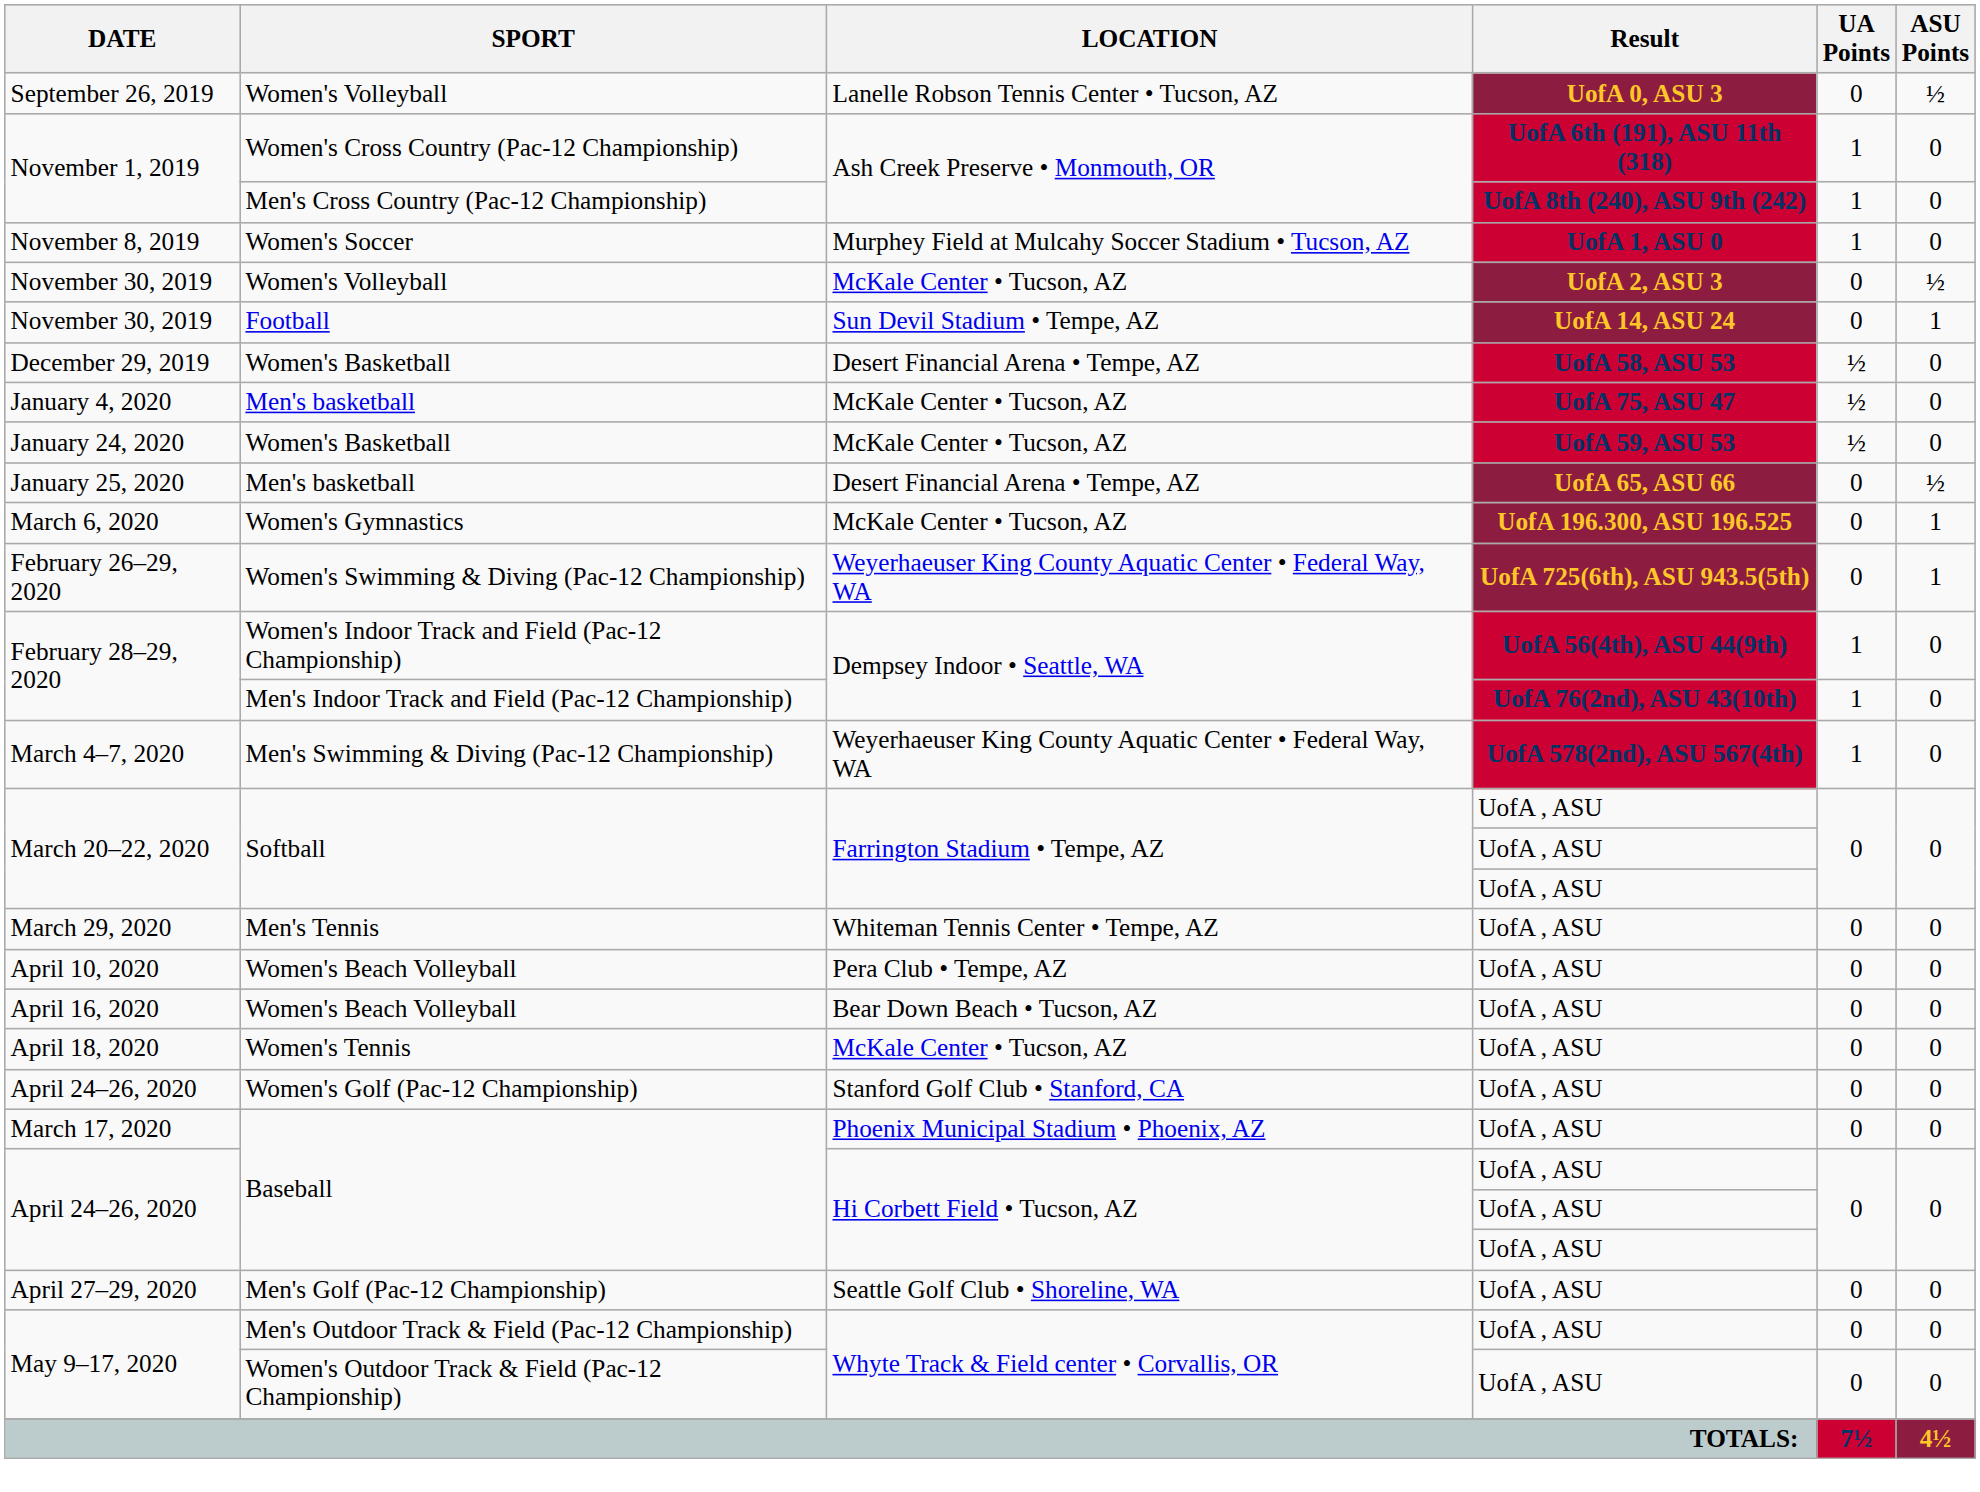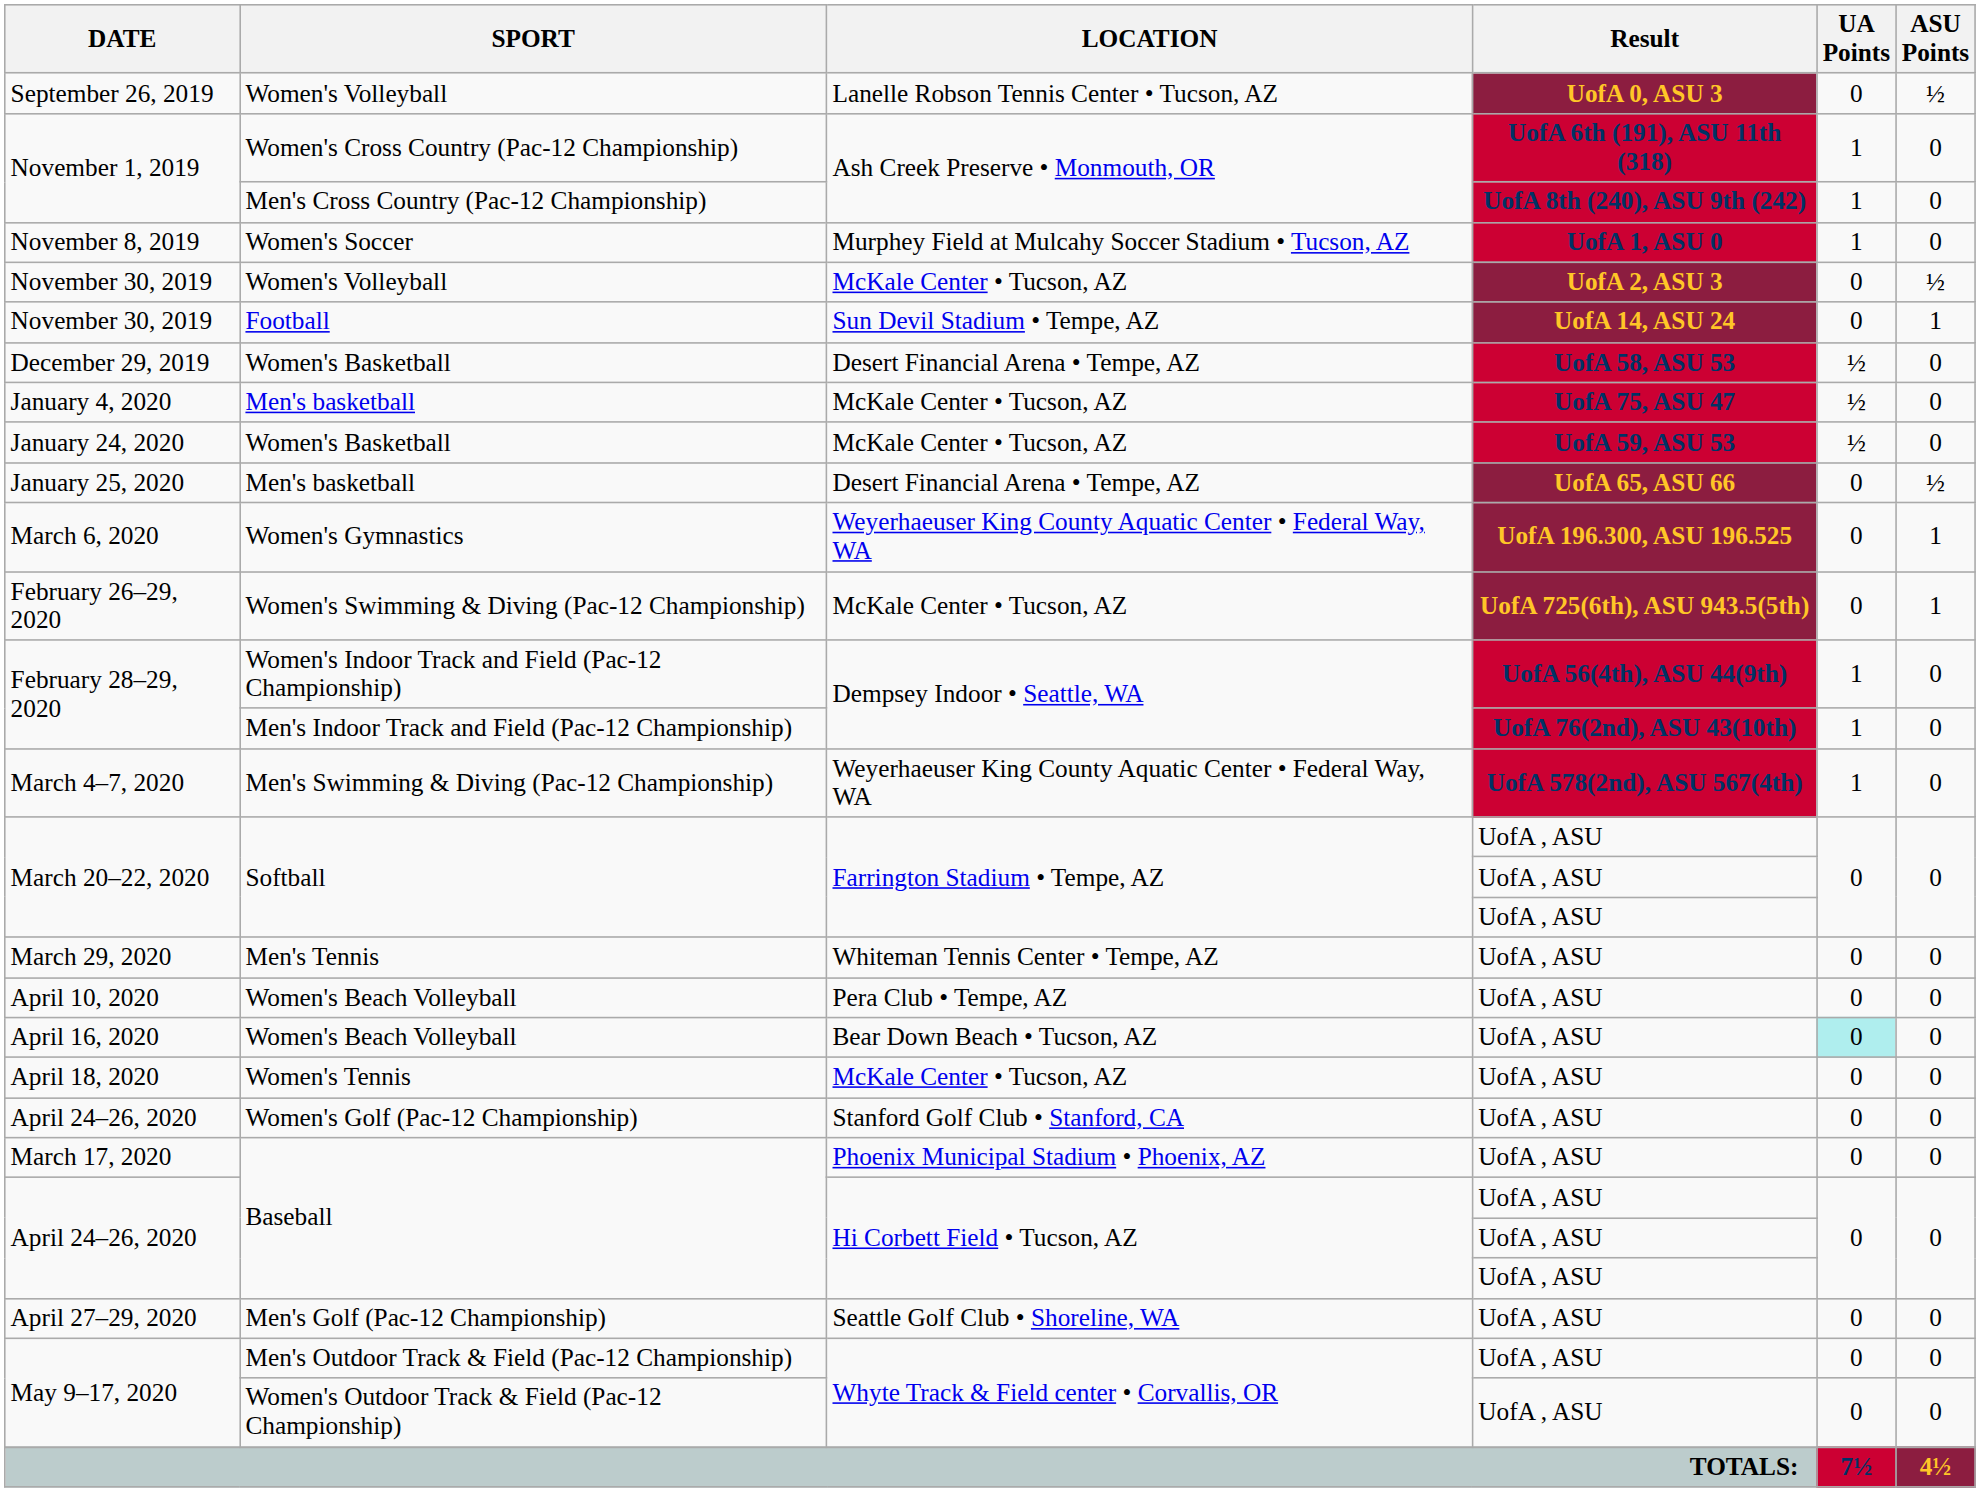 <table class=wikitable>
 <tr>
 <th>DATE</th>
 <th>SPORT</th>
 <th>LOCATION</th>
 <th>Result</th>
 <th>UA<br>Points</th>
 <th>ASU<br>Points</th>
 </tr>
 <tr>
 <td>September 26, 2019</td>
 <td>Women's Volleyball</td>
 <td>Lanelle Robson Tennis Center • Tucson, AZ</td>
 <th style="background:#8C1D40; color:#FFC627;">UofA 0, ASU 3</th>
 <td align="center">0</td>
 <td align="center">½</td>
 </tr>
 <tr>
 <td rowspan=2>November 1, 2019</td>
 <td>Women's Cross Country (Pac-12 Championship)</td>
 <td rowspan=2>Ash Creek Preserve • <a href='#'>Monmouth, OR</a></td>
 <th style="background:#CC0033; color:#003366;">UofA 6th (191), ASU 11th (318)</th>
 <td align="center">1</td>
 <td align="center">0</td>
 </tr>
 <tr>
 <td>Men's Cross Country (Pac-12 Championship)</td>
 <th style="background:#CC0033; color:#003366;">UofA 8th (240), ASU 9th (242)</th>
 <td align="center">1</td>
 <td align="center">0</td>
 </tr>
 <tr>
 <td>November 8, 2019</td>
 <td>Women's Soccer</td>
 <td>Murphey Field at Mulcahy Soccer Stadium • <a href='#'>Tucson, AZ</a></td>
 <th style="background:#CC0033; color:#003366;">UofA 1, ASU 0</th>
 <td align="center">1</td>
 <td align="center">0</td>
 </tr>
 <tr>
 <td>November 30, 2019</td>
 <td>Women's Volleyball</td>
 <td><a href='#'>McKale Center</a> • Tucson, AZ</td>
 <th style="background:#8C1D40; color:#FFC627;">UofA 2, ASU 3</th>
 <td align="center">0</td>
 <td align="center">½</td>
 </tr>
 <tr>
 <td>November 30, 2019</td>
 <td><a href='#'>Football</a></td>
 <td><a href='#'>Sun Devil Stadium</a> • Tempe, AZ</td>
 <th style="background:#8C1D40; color:#FFC627;">UofA 14, ASU 24</th>
 <td align="center">0</td>
 <td align="center">1</td>
 </tr>
 <tr>
 <td>December 29, 2019</td>
 <td>Women's Basketball</td>
 <td>Desert Financial Arena • Tempe, AZ</td>
 <th style="background:#CC0033; color:#003366;">UofA 58, ASU 53</th>
 <td align="center">½</td>
 <td align="center">0</td>
 </tr>
 <tr>
 <td>January 4, 2020</td>
 <td><a href='#'>Men's basketball</a></td>
 <td>McKale Center • Tucson, AZ</td>
 <th style="background:#CC0033; color:#003366;">UofA 75, ASU 47</th>
 <td align="center">½</td>
 <td align="center">0</td>
 </tr>
 <tr>
 <td>January 24, 2020</td>
 <td>Women's Basketball</td>
 <td>McKale Center • Tucson, AZ</td>
 <th style="background:#CC0033; color:#003366;">UofA 59, ASU 53</th>
 <td align="center">½</td>
 <td align="center">0</td>
 </tr>
 <tr>
 <td>January 25, 2020</td>
 <td>Men's basketball</td>
 <td>Desert Financial Arena • Tempe, AZ</td>
 <th style="background:#8C1D40; color:#FFC627;">UofA 65, ASU 66</th>
 <td align="center">0</td>
 <td align="center">½</td>
 </tr>
 <tr>
 <td>March 6, 2020</td>
 <td>Women's Gymnastics</td>
-<td>McKale Center • Tucson, AZ</td>
+<td><a href='#'>Weyerhaeuser King County Aquatic Center</a> • <a href='#'>Federal Way, WA</a></td>
 <th style="background:#8C1D40; color:#FFC627;">UofA 196.300, ASU 196.525</th>
 <td align="center">0</td>
 <td align="center">1</td>
 </tr>
 <tr>
 <td>February 26–29, 2020</td>
 <td>Women's Swimming & Diving (Pac-12 Championship)</td>
-<td><a href='#'>Weyerhaeuser King County Aquatic Center</a> • <a href='#'>Federal Way, WA</a></td>
+<td>McKale Center • Tucson, AZ</td>
 <th style="background:#8C1D40; color:#FFC627;">UofA 725(6th), ASU 943.5(5th)</th>
 <td align="center">0</td>
 <td align="center">1</td>
 </tr>
 <tr>
 <td rowspan=2>February 28–29, 2020</td>
 <td>Women's Indoor Track and Field (Pac-12 Championship)</td>
 <td rowspan=2>Dempsey Indoor • <a href='#'>Seattle, WA</a></td>
 <th style="background:#CC0033; color:#003366;">UofA 56(4th), ASU 44(9th)</th>
 <td align="center">1</td>
 <td align="center">0</td>
 </tr>
 <tr>
 <td>Men's Indoor Track and Field (Pac-12 Championship)</td>
 <th style="background:#CC0033; color:#003366;">UofA 76(2nd), ASU 43(10th)</th>
 <td align="center">1</td>
 <td align="center">0</td>
 </tr>
 <tr>
 <td>March 4–7, 2020</td>
 <td>Men's Swimming & Diving (Pac-12 Championship)</td>
 <td>Weyerhaeuser King County Aquatic Center • Federal Way, WA</td>
 <th style="background:#CC0033; color:#003366;">UofA 578(2nd), ASU 567(4th)</th>
 <td align="center">1</td>
 <td align="center">0</td>
 </tr>
 <tr>
 <td rowspan="3">March 20–22, 2020</td>
 <td rowspan="3">Softball</td>
 <td rowspan="3"><a href='#'>Farrington Stadium</a> • Tempe, AZ</td>
 <td style=>UofA , ASU</td>
 <td rowspan="3" align="center">0</td>
 <td rowspan="3" align="center">0</td>
 </tr>
 <tr>
 <td style=>UofA , ASU</td>
 </tr>
 <tr>
 <td style=>UofA , ASU</td>
 </tr>
 <tr>
 <td>March 29, 2020</td>
 <td>Men's Tennis</td>
 <td>Whiteman Tennis Center • Tempe, AZ</td>
 <td style=>UofA , ASU</td>
 <td align="center">0</td>
 <td align="center">0</td>
 </tr>
 <tr>
 <td>April 10, 2020</td>
 <td>Women's Beach Volleyball</td>
 <td>Pera Club • Tempe, AZ</td>
 <td style=>UofA , ASU</td>
 <td align="center">0</td>
 <td align="center">0</td>
 </tr>
 <tr>
 <td>April 16, 2020</td>
 <td>Women's Beach Volleyball</td>
 <td>Bear Down Beach • Tucson, AZ</td>
 <td style=>UofA , ASU</td>
-<td align="center">0</td>
+<td align="center" style="background: paleturquoise;">0</td>
 <td align="center">0</td>
 </tr>
 <tr>
 <td>April 18, 2020</td>
 <td>Women's Tennis</td>
 <td><a href='#'>McKale Center</a> • Tucson, AZ</td>
 <td style=>UofA , ASU</td>
 <td align="center">0</td>
 <td align="center">0</td>
 </tr>
 <tr>
 <td>April 24–26, 2020</td>
 <td>Women's Golf (Pac-12 Championship)</td>
 <td>Stanford Golf Club • <a href='#'>Stanford, CA</a></td>
 <td style=>UofA , ASU</td>
 <td align="center">0</td>
 <td align="center">0</td>
 </tr>
 <tr>
 <td>March 17, 2020</td>
 <td rowspan=4>Baseball</td>
 <td><a href='#'>Phoenix Municipal Stadium</a> • <a href='#'>Phoenix, AZ</a></td>
 <td style=>UofA , ASU</td>
 <td align="center">0</td>
 <td align="center">0</td>
 </tr>
 <tr>
 <td rowspan="3">April 24–26, 2020</td>
 <td rowspan=3><a href='#'>Hi Corbett Field</a> • Tucson, AZ</td>
 <td style=>UofA , ASU</td>
 <td rowspan="3" align="center">0</td>
 <td rowspan="3" align="center">0</td>
 </tr>
 <tr>
 <td style=>UofA , ASU</td>
 </tr>
 <tr>
 <td style=>UofA , ASU</td>
 </tr>
 <tr>
 <td>April 27–29, 2020</td>
 <td>Men's Golf (Pac-12 Championship)</td>
 <td>Seattle Golf Club • <a href='#'>Shoreline, WA</a></td>
 <td style=>UofA , ASU</td>
 <td align="center">0</td>
 <td align="center">0</td>
 </tr>
 <tr>
 <td rowspan=2>May 9–17, 2020</td>
 <td>Men's Outdoor Track & Field (Pac-12 Championship)</td>
 <td rowspan=2><a href='#'>Whyte Track & Field center</a> • <a href='#'>Corvallis, OR</a></td>
 <td style=>UofA , ASU</td>
 <td align="center">0</td>
 <td align="center">0</td>
 </tr>
 <tr>
 <td>Women's Outdoor Track & Field (Pac-12 Championship)</td>
 <td style=>UofA , ASU</td>
 <td align="center">0</td>
 <td align="center">0</td>
 </tr>
 <tr>
 </tr>
 <tr style="background:#bccccc;">
 <td colspan="4" style="text-align:right;"><strong>TOTALS:</strong>  </td>
 <th style="background:#CC0033; color:#003366;">7½</th>
 <th style="background:#8C1D40; color:#FFC627;">4½</th>
 </tr>
 </table>
